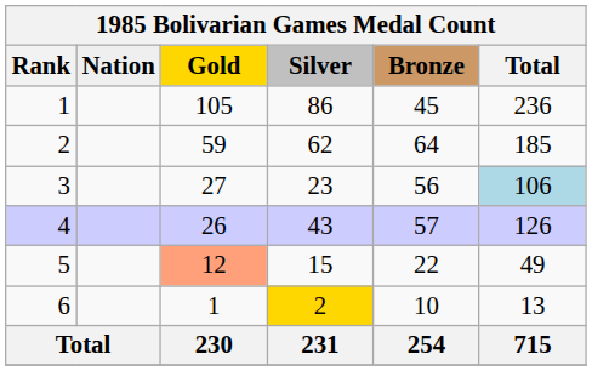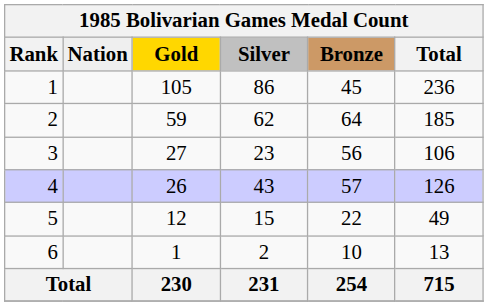 <table class="wikitable" border="2" style="text-align:center">
 <tr>
 <th colspan=6>1985 Bolivarian Games Medal Count</th>
 </tr>
 <tr bgcolor="#efefef">
 <th>Rank</th>
 <td align=left><strong>Nation</strong></td>
 <td bgcolor="gold" align=center width=60><strong>Gold</strong></td>
 <td bgcolor="silver" align=center width=60><strong>Silver</strong></td>
 <td bgcolor="CC9966" align=center width=60><strong>Bronze</strong></td>
 <th width=60>Total</th>
 </tr>
 <tr>
 <td align=right>1</td>
 <td align=left></td>
 <td>105</td>
 <td>86</td>
 <td>45</td>
 <td>236</td>
 </tr>
 <tr>
 <td align=right>2</td>
 <td align=left></td>
 <td>59</td>
 <td>62</td>
 <td>64</td>
 <td>185</td>
 </tr>
 <tr>
 <td align=right>3</td>
 <td align=left></td>
 <td>27</td>
 <td>23</td>
 <td>56</td>
-<td style="background: lightblue;">106</td>
+<td>106</td>
 </tr>
 <tr style="background:#ccccff">
 <td align=right>4</td>
 <td align=left></td>
 <td>26</td>
 <td>43</td>
 <td>57</td>
 <td>126</td>
 </tr>
 <tr>
 <td align=right>5</td>
 <td align=left></td>
-<td style="background: lightsalmon;">12</td>
+<td>12</td>
 <td>15</td>
 <td>22</td>
 <td>49</td>
 </tr>
 <tr>
 <td align=right>6</td>
 <td align=left></td>
 <td>1</td>
-<td style="background: gold;">2</td>
+<td>2</td>
 <td>10</td>
 <td>13</td>
 </tr>
 <tr>
 <th colspan="2">Total</th>
 <th>230</th>
 <th>231</th>
 <th>254</th>
 <th>715</th>
 </tr>
 <tr>
 </tr>
 </table>
